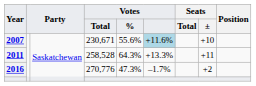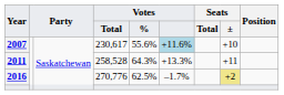 <table class="wikitable" style="font-size:90%; text-align:center;">
 <tr>
 <th rowspan="2" style="background:#eaecf0;">Year</th>
 <th colspan="2" rowspan="2" style="background:#eaecf0;">Party</th>
 <th colspan="3" style="background:#eaecf0;">Votes</th>
 <th colspan="2">Seats</th>
 <th rowspan="2">Position</th>
 </tr>
 <tr>
 <th style="background:#eaecf0;">Total</th>
 <th style="background:#eaecf0;">%</th>
 <th style="background:#eaecf0;"></th>
 <th>Total</th>
 <th>±</th>
 </tr>
 <tr>
 <th><a href='#'>2007</a></th>
 <td rowspan="5" style="background-color:"></td>
 <td rowspan="5"><a href='#'>Saskatchewan</a></td>
-<td>230,671</td>
+<td>230,617</td>
 <td>55.6%</td>
 <td style="background: lightblue;">+11.6%</td>
 <td></td>
 <td>+10</td>
 <td></td>
 </tr>
 <tr>
 <th><a href='#'>2011</a></th>
 <td>258,528</td>
 <td>64.3%</td>
 <td>+13.3%</td>
 <td></td>
 <td>+11</td>
 <td></td>
 </tr>
 <tr>
 <th><a href='#'>2016</a></th>
 <td>270,776</td>
-<td>47.3%</td>
+<td>62.5%</td>
 <td>–1.7%</td>
 <td></td>
-<td>+2</td>
+<td style="background: khaki;">+2</td>
 <td></td>
 </tr>
 <tr>
 <th colspan="10" style="background:#eaecf0;"></th>
 </tr>
 </table>
